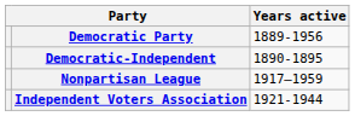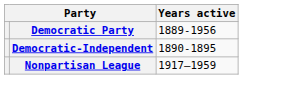 <table class="wikitable sortable plainrowheaders">
 <tr>
 <th scope="col" colspan="2">Party</th>
 <th scope="col">Years active</th>
 </tr>
 <tr>
 <th style="background-color:"></th>
 <th scope="row"><a href='#'>Democratic Party</a></th>
 <td>1889-1956</td>
 </tr>
 <tr>
 <th style="background-color:"></th>
 <th scope="row"><a href='#'>Democratic-Independent</a></th>
 <td>1890-1895</td>
 </tr>
 <tr>
 <th style="background-color:"></th>
 <th scope="row"><a href='#'>Nonpartisan League</a></th>
 <td>1917–1959</td>
 </tr>
-<tr>
-<th style="background-color:"></th>
-<th scope="row"><a href='#'>Independent Voters Association</a></th>
-<td>1921-1944</td>
-</tr>
 </table>
